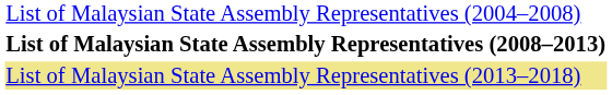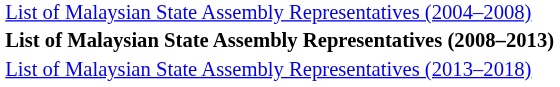 <table id=toc style="float:right">
 <tr>
 <td><a href='#'>List of Malaysian State Assembly Representatives (2004–2008)</a></td>
 </tr>
 <tr>
 <td><strong>List of Malaysian State Assembly Representatives (2008–2013)</strong></td>
 </tr>
 <tr>
-<td style="background: khaki;"><a href='#'>List of Malaysian State Assembly Representatives (2013–2018)</a></td>
+<td><a href='#'>List of Malaysian State Assembly Representatives (2013–2018)</a></td>
 </tr>
 </table>
